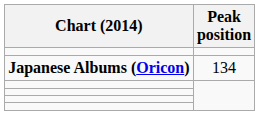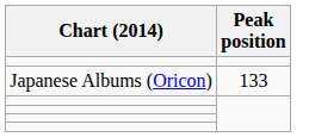 <table class="wikitable sortable plainrowheaders">
 <tr>
 <th>Chart (2014)</th>
 <th>Peak<br>position</th>
 </tr>
 <tr>
 <td></td>
 </tr>
 <tr>
-<td><strong>Japanese Albums (<a href='#'>Oricon</a>)</strong></td>
-<td style="text-align:center">134</td>
+<td>Japanese Albums (<a href='#'>Oricon</a>)</td>
+<td style="text-align:center">133</td>
 </tr>
 <tr>
 <td></td>
 </tr>
 <tr>
 <td></td>
 </tr>
 <tr>
 <td></td>
 </tr>
 <tr>
 <td></td>
 </tr>
 <tr>
 </tr>
 </table>
